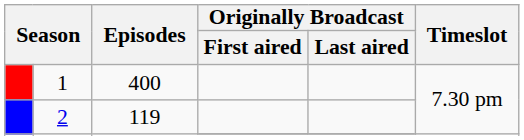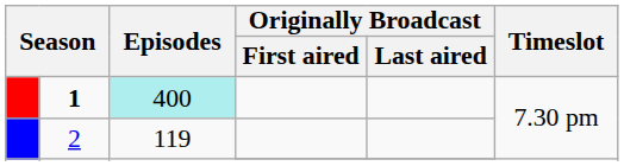 <table class="wikitable" style="text-align:center">
 <tr>
 <th style="padding: 0 8px" colspan="2" rowspan="2">Season</th>
 <th style="padding: 0 8px" rowspan="2">Episodes</th>
 <th style="padding: 0 8px" colspan="2">Originally Broadcast</th>
 <th style="padding: 0 8px" rowspan="2">Timeslot</th>
 </tr>
 <tr>
 <th style="padding: 1 8px">First aired</th>
 <th style="padding: 1 8px">Last aired</th>
 </tr>
 <tr>
 <td style="background:Red"></td>
-<td align="center">1</td>
-<td align="center">400</td>
+<td align="center"><strong>1</strong></td>
+<td align="center" style="background: paleturquoise;">400</td>
 <td align="center"></td>
 <td align="center"></td>
 <td align="center" rowspan="3">7.30 pm</td>
 </tr>
 <tr>
 <td style="background:Blue" rowspan="2"></td>
 <td align="center" rowspan="2"><a href='#'>2</a></td>
 <td align="center" rowspan="2">119</td>
 <td align="center"></td>
 <td align="center"></td>
 </tr>
 <tr>
 </tr>
 </table>
